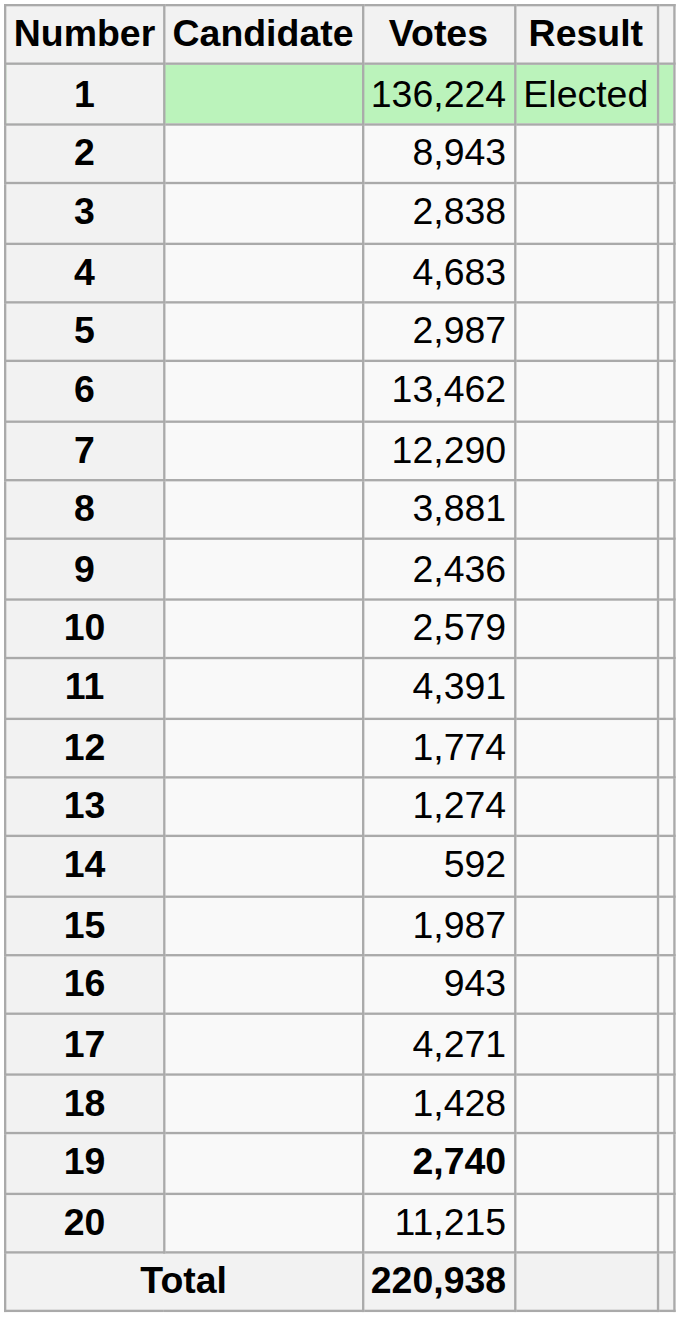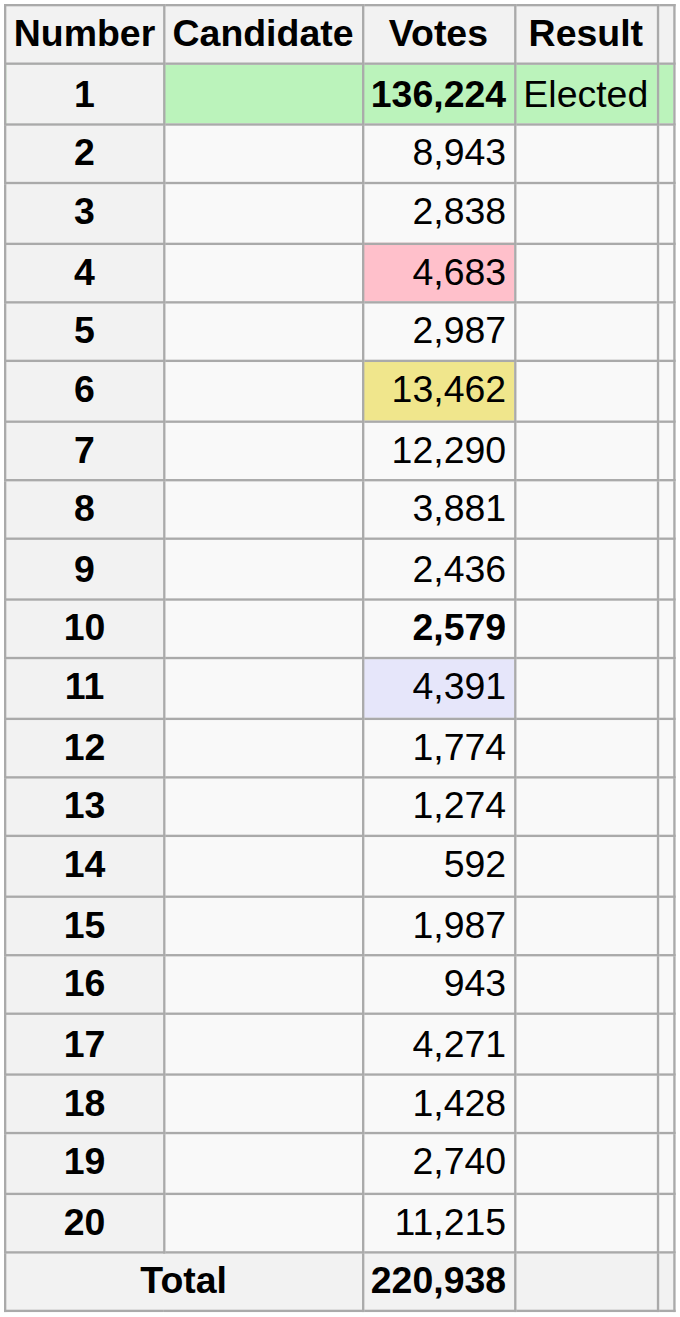 <table class="wikitable sortable">
 <tr>
 <th scope="col">Number</th>
 <th scope="col">Candidate</th>
 <th scope="col">Votes</th>
 <th scope="col">Result</th>
 <th scope="col" class="unsortable"></th>
 </tr>
 <tr bgcolor=bbf3bb>
 <th scope="row">1</th>
 <td></td>
-<td style="text-align:right">136,224</td>
+<td style="text-align:right"><strong>136,224</strong></td>
 <td>Elected</td>
 <td></td>
 </tr>
 <tr>
 <th scope="row">2</th>
 <td></td>
 <td style="text-align:right">8,943</td>
 <td></td>
 <td></td>
 </tr>
 <tr>
 <th scope="row">3</th>
 <td></td>
 <td style="text-align:right">2,838</td>
 <td></td>
 <td></td>
 </tr>
 <tr>
 <th scope="row">4</th>
 <td></td>
-<td style="text-align:right">4,683</td>
+<td style="background: pink; text-align:right">4,683</td>
 <td></td>
 <td></td>
 </tr>
 <tr>
 <th scope="row">5</th>
 <td></td>
 <td style="text-align:right">2,987</td>
 <td></td>
 <td></td>
 </tr>
 <tr>
 <th scope="row">6</th>
 <td></td>
-<td style="text-align:right">13,462</td>
+<td style="background: khaki; text-align:right">13,462</td>
 <td></td>
 <td></td>
 </tr>
 <tr>
 <th scope="row">7</th>
 <td></td>
 <td style="text-align:right">12,290</td>
 <td></td>
 <td></td>
 </tr>
 <tr>
 <th scope="row">8</th>
 <td></td>
 <td style="text-align:right">3,881</td>
 <td></td>
 <td></td>
 </tr>
 <tr>
 <th scope="row">9</th>
 <td></td>
 <td style="text-align:right">2,436</td>
 <td></td>
 <td></td>
 </tr>
 <tr>
 <th scope="row">10</th>
 <td></td>
-<td style="text-align:right">2,579</td>
+<td style="text-align:right"><strong>2,579</strong></td>
 <td></td>
 <td></td>
 </tr>
 <tr>
 <th scope="row">11</th>
 <td></td>
-<td style="text-align:right">4,391</td>
+<td style="background: lavender; text-align:right">4,391</td>
 <td></td>
 <td></td>
 </tr>
 <tr>
 <th scope="row">12</th>
 <td></td>
 <td style="text-align:right">1,774</td>
 <td></td>
 <td></td>
 </tr>
 <tr>
 <th scope="row">13</th>
 <td></td>
 <td style="text-align:right">1,274</td>
 <td></td>
 <td></td>
 </tr>
 <tr>
 <th scope="row">14</th>
 <td></td>
 <td style="text-align:right">592</td>
 <td></td>
 <td></td>
 </tr>
 <tr>
 <th scope="row">15</th>
 <td></td>
 <td style="text-align:right">1,987</td>
 <td></td>
 <td></td>
 </tr>
 <tr>
 <th scope="row">16</th>
 <td></td>
 <td style="text-align:right">943</td>
 <td></td>
 <td></td>
 </tr>
 <tr>
 <th scope="row">17</th>
 <td></td>
 <td style="text-align:right">4,271</td>
 <td></td>
 <td></td>
 </tr>
 <tr>
 <th scope="row">18</th>
 <td></td>
 <td style="text-align:right">1,428</td>
 <td></td>
 <td></td>
 </tr>
 <tr>
 <th scope="row">19</th>
 <td></td>
-<td style="text-align:right"><strong>2,740</strong></td>
+<td style="text-align:right">2,740</td>
 <td></td>
 <td></td>
 </tr>
 <tr>
 <th scope="row">20</th>
 <td></td>
 <td style="text-align:right">11,215</td>
 <td></td>
 <td></td>
 </tr>
 <tr class="sortbottom">
 <th scope="row" colspan="2">Total</th>
 <th style="text-align:right">220,938</th>
 <th></th>
 <th></th>
 </tr>
 </table>
